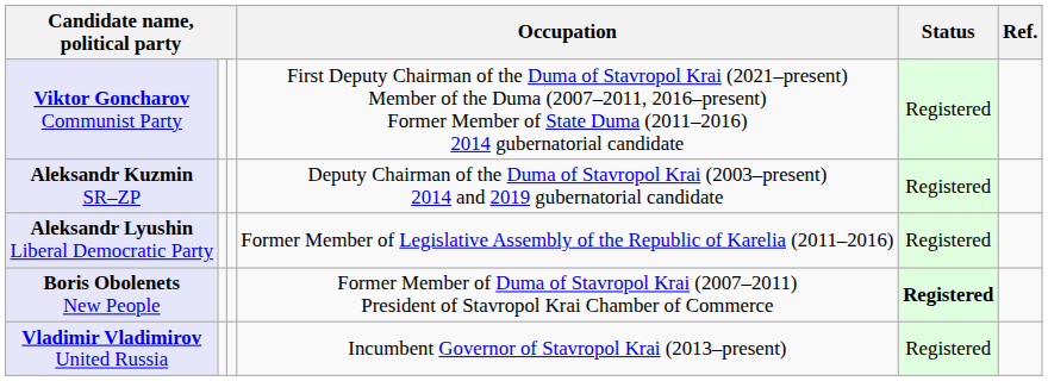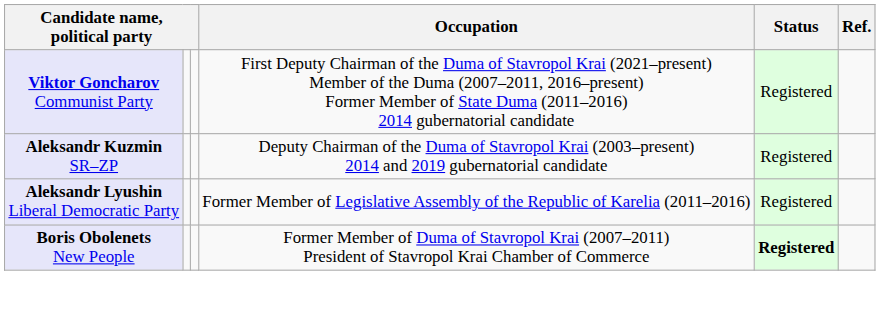 <table class="wikitable" style="text-align:center;">
 <tr>
 <th colspan="3">Candidate name,<br>political party</th>
 <th>Occupation</th>
 <th>Status</th>
 <th>Ref.</th>
 </tr>
 <tr>
 <td style="background:lavender;"><strong><a href='#'>Viktor Goncharov</a></strong><br><a href='#'>Communist Party</a></td>
 <td style="background-color:"></td>
 <td></td>
 <td>First Deputy Chairman of the <a href='#'>Duma of Stavropol Krai</a> (2021–present)<br>Member of the Duma (2007–2011, 2016–present)<br>Former Member of <a href='#'>State Duma</a> (2011–2016)<br><a href='#'>2014</a> gubernatorial candidate</td>
 <td bgcolor="#DFFFDF">Registered</td>
 <td><br></td>
 </tr>
 <tr>
 <td style="background:lavender;"><strong>Aleksandr Kuzmin</strong><br><a href='#'>SR–ZP</a></td>
 <td style="background-color:"></td>
 <td></td>
 <td>Deputy Chairman of the <a href='#'>Duma of Stavropol Krai</a> (2003–present)<br><a href='#'>2014</a> and <a href='#'>2019</a> gubernatorial candidate</td>
 <td bgcolor="#DFFFDF">Registered</td>
 <td></td>
 </tr>
 <tr>
 <td style="background:lavender;"><strong>Aleksandr Lyushin</strong><br><a href='#'>Liberal Democratic Party</a></td>
 <td style="background-color:"></td>
 <td></td>
 <td>Former Member of <a href='#'>Legislative Assembly of the Republic of Karelia</a> (2011–2016)</td>
 <td bgcolor="#DFFFDF">Registered</td>
 <td></td>
 </tr>
 <tr>
 <td style="background:lavender;"><strong>Boris Obolenets</strong><br><a href='#'>New People</a></td>
 <td style="background-color:"></td>
 <td></td>
 <td>Former Member of <a href='#'>Duma of Stavropol Krai</a> (2007–2011)<br>President of Stavropol Krai Chamber of Commerce</td>
 <td bgcolor="#DFFFDF"><strong>Registered</strong></td>
 <td></td>
 </tr>
-<tr>
-<td style="background:lavender;"><strong><a href='#'>Vladimir Vladimirov</a></strong><br><a href='#'>United Russia</a></td>
-<td style="background-color:"></td>
-<td></td>
-<td>Incumbent <a href='#'>Governor of Stavropol Krai</a> (2013–present)</td>
-<td bgcolor="#DFFFDF">Registered</td>
-<td><br></td>
-</tr>
 </table>
